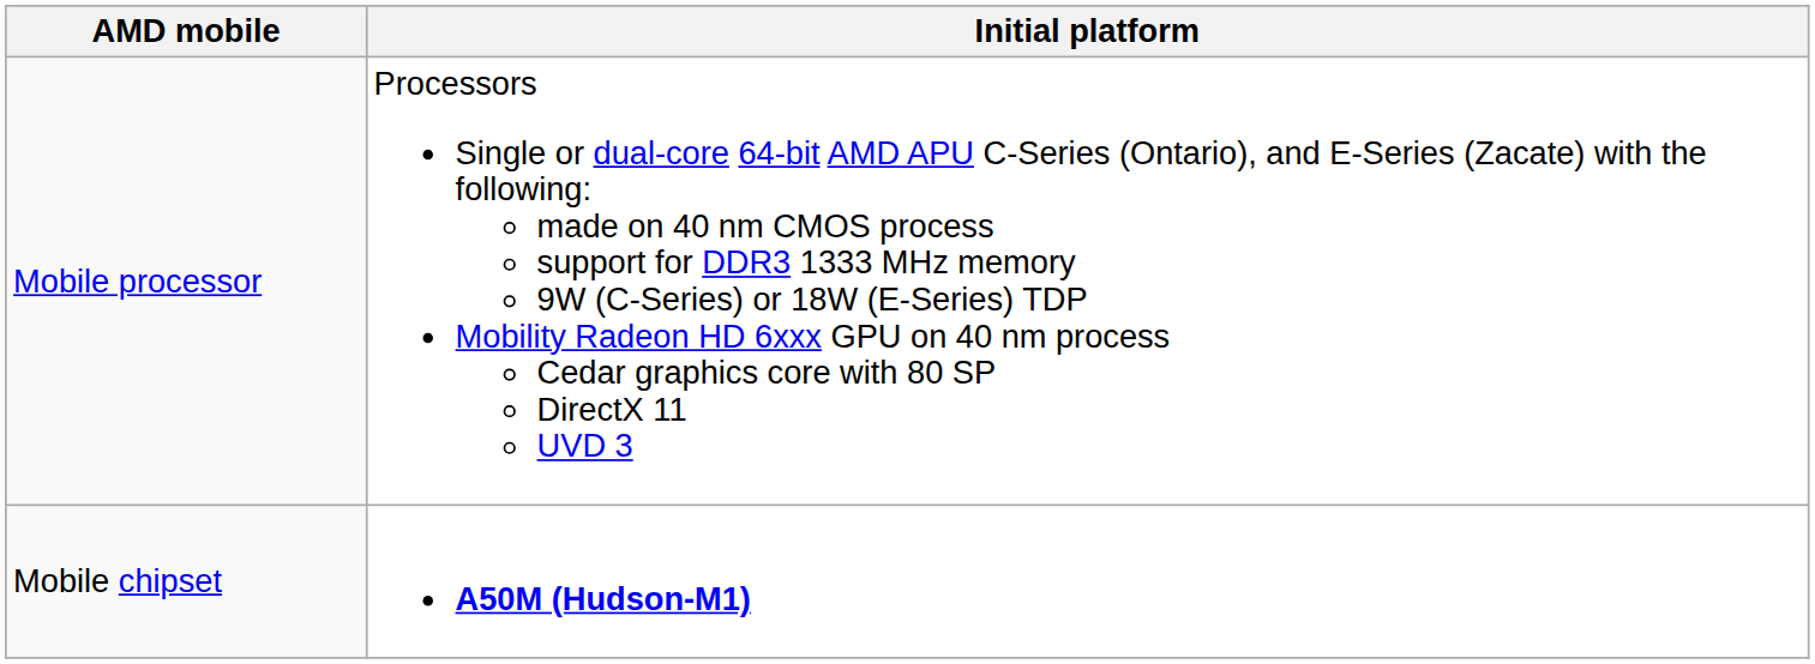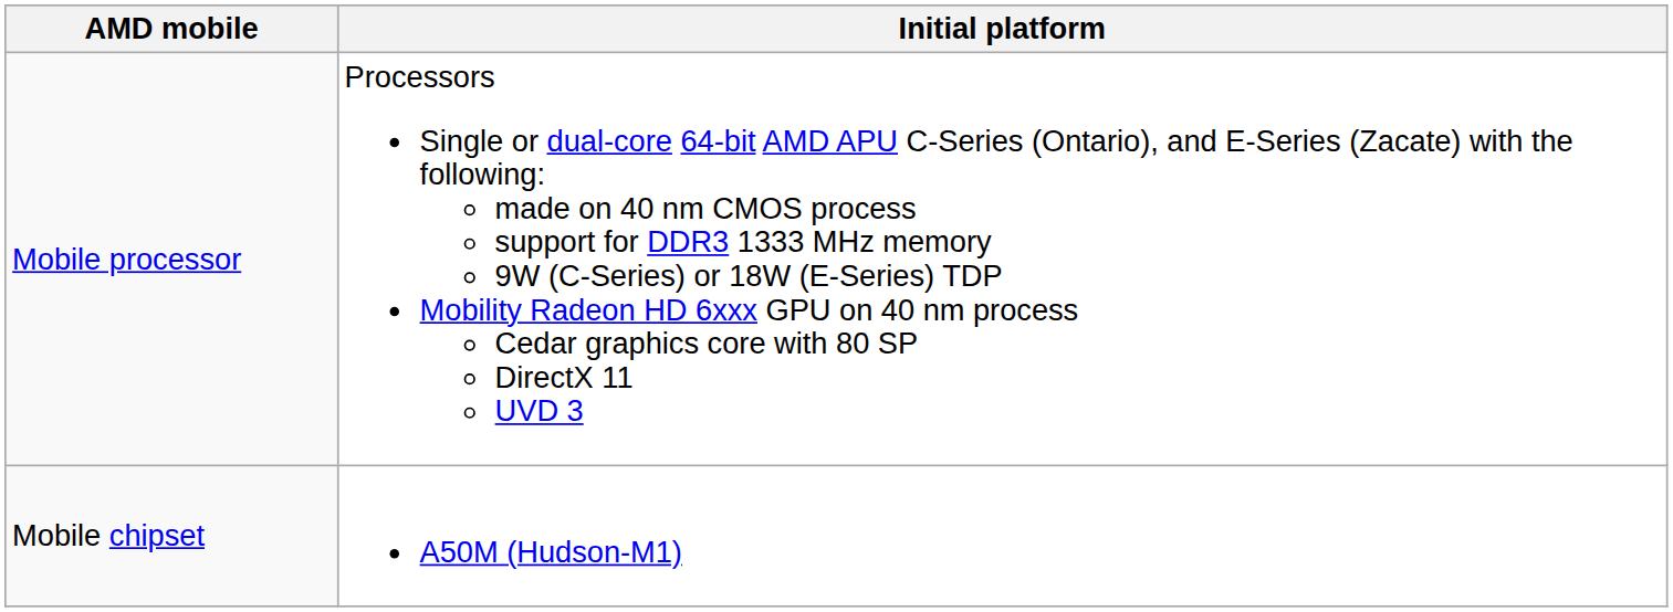 <table class="wikitable" width="70%">
 <tr>
 <th width="20%">AMD mobile</th>
 <th>Initial platform</th>
 </tr>
 <tr>
 <td><a href='#'>Mobile processor</a></td>
 <td style="background:white">Processors<br><ul><li>Single or <a href='#'>dual-core</a> <a href='#'>64-bit</a> <a href='#'>AMD APU</a> C-Series (Ontario), and E-Series (Zacate) with the following:<ul><li>made on 40 nm CMOS process</li><li>support for <a href='#'>DDR3</a> 1333 MHz memory</li><li>9W (C-Series) or 18W (E-Series) TDP</li></ul></li><li><a href='#'>Mobility Radeon HD 6xxx</a> GPU on 40 nm process<ul><li>Cedar graphics core with 80 SP</li><li>DirectX 11</li><li><a href='#'>UVD 3</a></li></ul></li></ul></td>
 </tr>
 <tr>
 <td>Mobile <a href='#'>chipset</a></td>
-<td style="background:white"><strong><br><ul><li><a href='#'>A50M (Hudson-M1)</a></li></ul></strong></td>
+<td style="background:white"><br><ul><li><a href='#'>A50M (Hudson-M1)</a></li></ul></td>
 </tr>
 </table>
